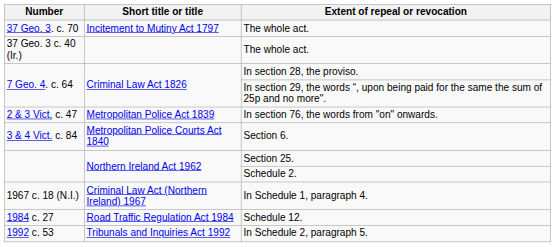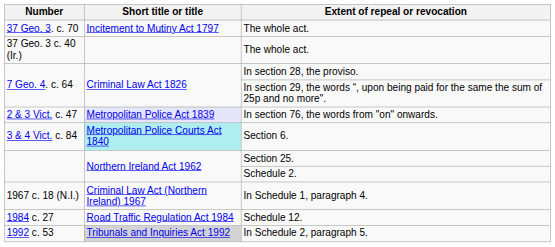 <table class="wikitable">
 <tr>
 <th>Number</th>
 <th>Short title or title</th>
 <th>Extent of repeal or revocation</th>
 </tr>
 <tr>
 <td><a href='#'>37 Geo. 3</a>. c. 70</td>
 <td><a href='#'>Incitement to Mutiny Act 1797</a></td>
 <td>The whole act.</td>
 </tr>
 <tr>
 <td>37 Geo. 3 c. 40 (Ir.)</td>
 <td></td>
 <td>The whole act.</td>
 </tr>
 <tr>
 <td rowspan=2><a href='#'>7 Geo. 4</a>. c. 64</td>
 <td rowspan=2><a href='#'>Criminal Law Act 1826</a></td>
 <td>In section 28, the proviso.</td>
 </tr>
 <tr>
 <td>In section 29, the words “, upon being paid for the same the sum of 25p and no more".</td>
 </tr>
 <tr>
 <td><a href='#'>2 & 3 Vict.</a> c. 47</td>
-<td><a href='#'>Metropolitan Police Act 1839</a></td>
+<td style="background: lavender;"><a href='#'>Metropolitan Police Act 1839</a></td>
 <td>In section 76, the words from "on" onwards.</td>
 </tr>
 <tr>
 <td><a href='#'>3 & 4 Vict.</a> c. 84</td>
-<td><a href='#'>Metropolitan Police Courts Act 1840</a></td>
+<td style="background: paleturquoise;"><a href='#'>Metropolitan Police Courts Act 1840</a></td>
 <td>Section 6.</td>
 </tr>
 <tr>
 <td rowspan=2></td>
 <td rowspan=2><a href='#'>Northern Ireland Act 1962</a></td>
 <td>Section 25.</td>
 </tr>
 <tr>
 <td>Schedule 2.</td>
 </tr>
 <tr>
 <td>1967 c. 18 (N.I.)</td>
 <td><a href='#'>Criminal Law Act (Northern Ireland) 1967</a></td>
 <td>In Schedule 1, paragraph 4.</td>
 </tr>
 <tr>
 <td><a href='#'>1984</a> c. 27</td>
 <td><a href='#'>Road Traffic Regulation Act 1984</a></td>
 <td>Schedule 12.</td>
 </tr>
 <tr>
 <td><a href='#'>1992</a> c. 53</td>
-<td><a href='#'>Tribunals and Inquiries Act 1992</a></td>
+<td style="background: lightgrey;"><a href='#'>Tribunals and Inquiries Act 1992</a></td>
 <td>In Schedule 2, paragraph 5.</td>
 </tr>
 </table>
